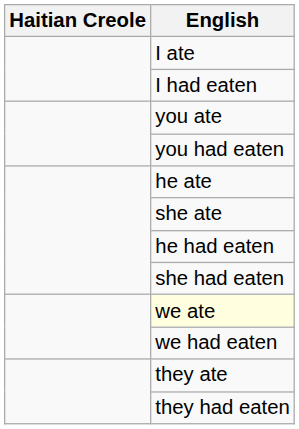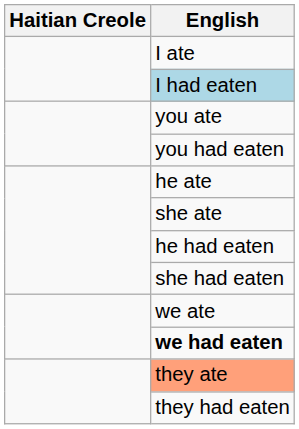 <table class="wikitable">
 <tr>
 <th scope="col">Haitian Creole</th>
 <th scope="col">English</th>
 </tr>
 <tr>
 <td rowspan="2"></td>
 <td>I ate</td>
 </tr>
 <tr>
-<td>I had eaten</td>
+<td style="background: lightblue;">I had eaten</td>
 </tr>
 <tr>
 <td rowspan="2"></td>
 <td>you ate</td>
 </tr>
 <tr>
 <td>you had eaten</td>
 </tr>
 <tr>
 <td rowspan="4"></td>
 <td>he ate</td>
 </tr>
 <tr>
 <td>she ate</td>
 </tr>
 <tr>
 <td>he had eaten</td>
 </tr>
 <tr>
 <td>she had eaten</td>
 </tr>
 <tr>
 <td rowspan="2"></td>
-<td style="background: lightyellow;">we ate</td>
+<td>we ate</td>
 </tr>
 <tr>
-<td>we had eaten</td>
+<td><strong>we had eaten</strong></td>
 </tr>
 <tr>
 <td rowspan="2"></td>
-<td>they ate</td>
+<td style="background: lightsalmon;">they ate</td>
 </tr>
 <tr>
 <td>they had eaten</td>
 </tr>
 </table>
